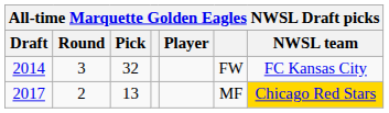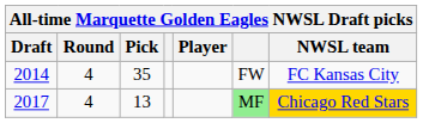 <table class="wikitable sortable" style="text-align: center;">
 <tr>
 <th colspan="7" style="background:#">All-time <a href='#'><span>Marquette Golden Eagles</span></a> NWSL Draft picks</th>
 </tr>
 <tr>
 <th scope="col">Draft</th>
 <th scope="col">Round</th>
 <th scope="col">Pick</th>
 <th scope="col"></th>
 <th scope="col">Player</th>
 <th scope="col"></th>
 <th scope="col">NWSL team</th>
 </tr>
 <tr>
 <td><a href='#'>2014</a></td>
-<td>3</td>
-<td>32</td>
+<td>4</td>
+<td>35</td>
 <td></td>
 <td></td>
 <td>FW</td>
 <td><a href='#'>FC Kansas City</a></td>
 </tr>
 <tr>
 <td><a href='#'>2017</a></td>
-<td>2</td>
+<td>4</td>
 <td>13</td>
 <td></td>
 <td></td>
-<td>MF</td>
+<td style="background: lightgreen;">MF</td>
 <td style="background: gold;"><a href='#'>Chicago Red Stars</a></td>
 </tr>
 </table>
